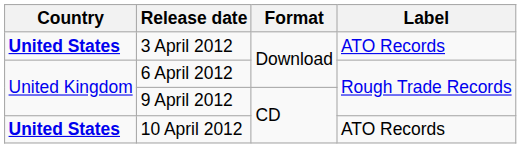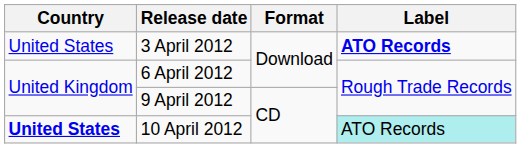 <table class="wikitable plainrowheaders">
 <tr>
 <th scope="col">Country</th>
 <th scope="col">Release date</th>
 <th scope="col">Format</th>
 <th scope="col">Label</th>
 </tr>
 <tr>
-<td><strong><a href='#'>United States</a></strong></td>
+<td><a href='#'>United States</a></td>
 <td>3 April 2012</td>
 <td rowspan="2">Download</td>
-<td><a href='#'>ATO Records</a></td>
+<td><strong><a href='#'>ATO Records</a></strong></td>
 </tr>
 <tr>
 <td rowspan="2"><a href='#'>United Kingdom</a></td>
 <td>6 April 2012</td>
 <td rowspan="2"><a href='#'>Rough Trade Records</a></td>
 </tr>
 <tr>
 <td>9 April 2012</td>
 <td rowspan="2">CD</td>
 </tr>
 <tr>
 <td><strong><a href='#'>United States</a></strong></td>
 <td>10 April 2012</td>
-<td>ATO Records</td>
+<td style="background: paleturquoise;">ATO Records</td>
 </tr>
 </table>
